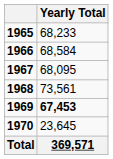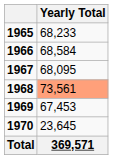 <table class="wikitable">
 <tr>
 <th></th>
 <th>Yearly Total</th>
 </tr>
 <tr>
 <td><strong>1965</strong></td>
 <td>68,233</td>
 </tr>
 <tr>
 <td><strong>1966</strong></td>
 <td>68,584</td>
 </tr>
 <tr>
 <td><strong>1967</strong></td>
 <td>68,095</td>
 </tr>
 <tr>
 <td><strong>1968</strong></td>
-<td>73,561</td>
+<td style="background: lightsalmon;">73,561</td>
 </tr>
 <tr>
 <td><strong>1969</strong></td>
-<td><strong>67,453</strong></td>
+<td>67,453</td>
 </tr>
 <tr>
 <td><strong>1970</strong></td>
 <td>23,645</td>
 </tr>
 <tr>
 <th><strong>Total</strong></th>
 <th><strong><u>369,571</u></strong></th>
 </tr>
 </table>
